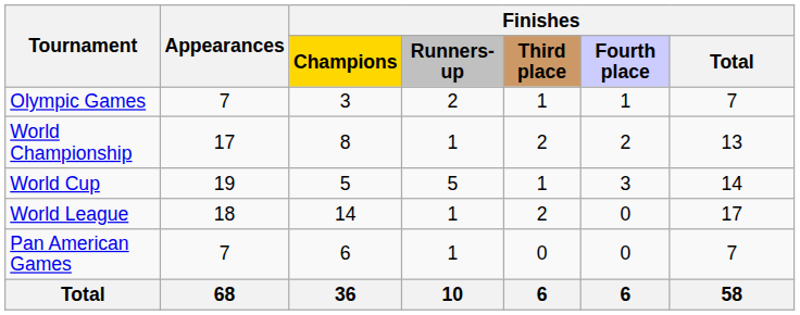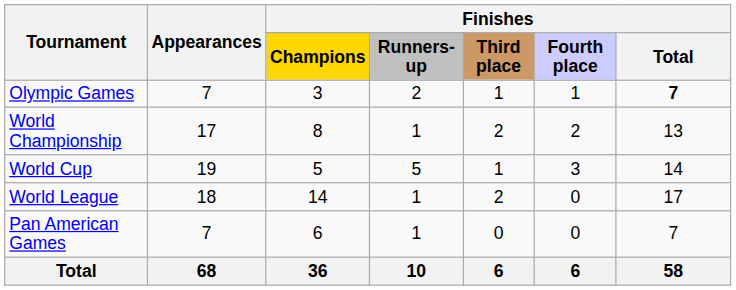 <table class="wikitable" style="text-align: center; font-size: 90%; margin-left: 1em;">
 <tr>
 <th rowspan="2">Tournament</th>
 <th rowspan="2">Appearances</th>
 <th colspan="5">Finishes</th>
 </tr>
 <tr>
 <th style="background-color: gold;">Champions</th>
 <th style="background-color: silver;">Runners-up</th>
 <th style="background-color: #cc9966;">Third place</th>
 <th style="background-color: #ccccff;">Fourth place</th>
 <th style="width: 6em;">Total</th>
 </tr>
 <tr>
 <td style="text-align:left;"><a href='#'>Olympic Games</a></td>
 <td>7</td>
 <td>3</td>
 <td>2</td>
 <td>1</td>
 <td>1</td>
-<td>7</td>
+<td><strong>7</strong></td>
 </tr>
 <tr>
 <td style="text-align:left;"><a href='#'>World Championship</a></td>
 <td>17</td>
 <td>8</td>
 <td>1</td>
 <td>2</td>
 <td>2</td>
 <td>13</td>
 </tr>
 <tr>
 <td style="text-align:left;"><a href='#'>World Cup</a></td>
 <td>19</td>
 <td>5</td>
 <td>5</td>
 <td>1</td>
 <td>3</td>
 <td>14</td>
 </tr>
 <tr>
 <td style="text-align:left;"><a href='#'>World League</a></td>
 <td>18</td>
 <td>14</td>
 <td>1</td>
 <td>2</td>
 <td>0</td>
 <td>17</td>
 </tr>
 <tr>
 <td style="text-align:left;"><a href='#'>Pan American Games</a></td>
 <td>7</td>
 <td>6</td>
 <td>1</td>
 <td>0</td>
 <td>0</td>
 <td>7</td>
 </tr>
 <tr>
 <th>Total</th>
 <th>68</th>
 <th>36</th>
 <th>10</th>
 <th>6</th>
 <th>6</th>
 <th>58</th>
 </tr>
 </table>
